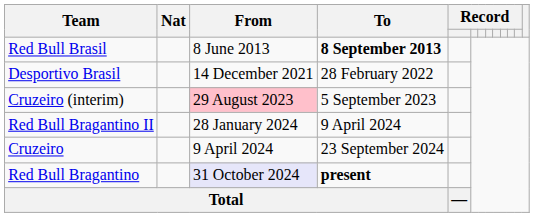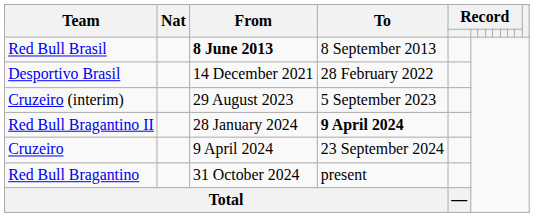 <table class="wikitable" style="text-align: center">
 <tr>
 <th rowspan="2">Team</th>
 <th rowspan="2">Nat</th>
 <th rowspan="2">From</th>
 <th rowspan="2">To</th>
 <th colspan="8">Record</th>
 <th rowspan=2></th>
 </tr>
 <tr>
 <th></th>
 <th></th>
 <th></th>
 <th></th>
 <th></th>
 <th></th>
 <th></th>
 <th></th>
 </tr>
 <tr>
 <td align=left><a href='#'>Red Bull Brasil</a></td>
 <td></td>
-<td align=left>8 June 2013</td>
-<td align=left><strong>8 September 2013<br></strong></td>
+<td align=left><strong>8 June 2013</strong></td>
+<td align=left>8 September 2013<br></td>
 <td></td>
 </tr>
 <tr>
 <td align=left><a href='#'>Desportivo Brasil</a></td>
 <td></td>
 <td align=left>14 December 2021</td>
 <td align=left>28 February 2022<br></td>
 <td></td>
 </tr>
 <tr>
 <td align=left><a href='#'>Cruzeiro</a> (interim)</td>
 <td></td>
-<td align=left style="background: pink;">29 August 2023</td>
+<td align=left>29 August 2023</td>
 <td align=left>5 September 2023<br></td>
 <td></td>
 </tr>
 <tr>
 <td align=left><a href='#'>Red Bull Bragantino II</a></td>
 <td></td>
 <td align=left>28 January 2024</td>
-<td align=left>9 April 2024<br></td>
+<td align=left><strong>9 April 2024<br></strong></td>
 <td></td>
 </tr>
 <tr>
 <td align=left><a href='#'>Cruzeiro</a></td>
 <td></td>
 <td align=left>9 April 2024</td>
 <td align=left>23 September 2024<br></td>
 <td></td>
 </tr>
 <tr>
 <td align=left><a href='#'>Red Bull Bragantino</a></td>
 <td></td>
-<td align=left style="background: lavender;">31 October 2024</td>
-<td align=left><strong>present<br></strong></td>
+<td align=left>31 October 2024</td>
+<td align=left>present<br></td>
 <td></td>
 </tr>
 <tr>
 <th colspan="4">Total<br></th>
 <th>—</th>
 </tr>
 </table>
